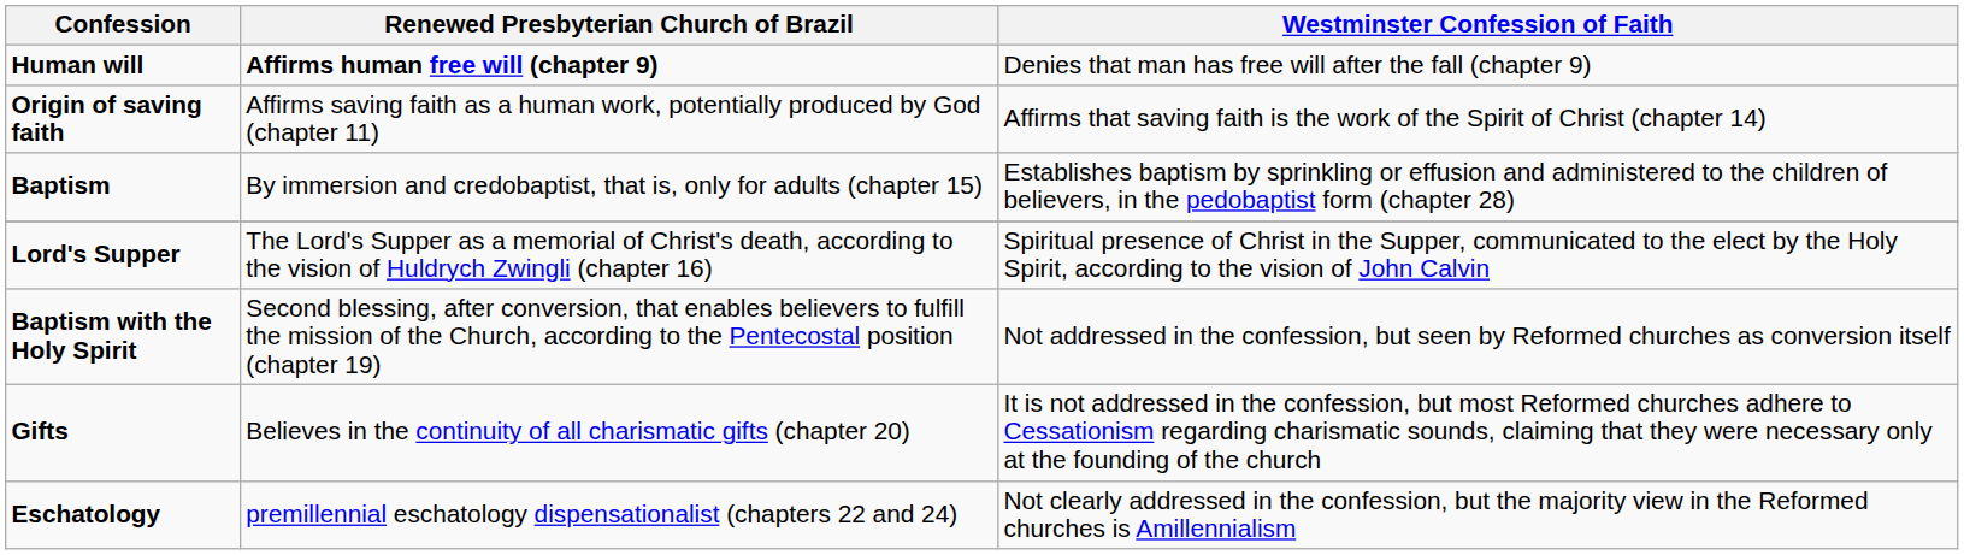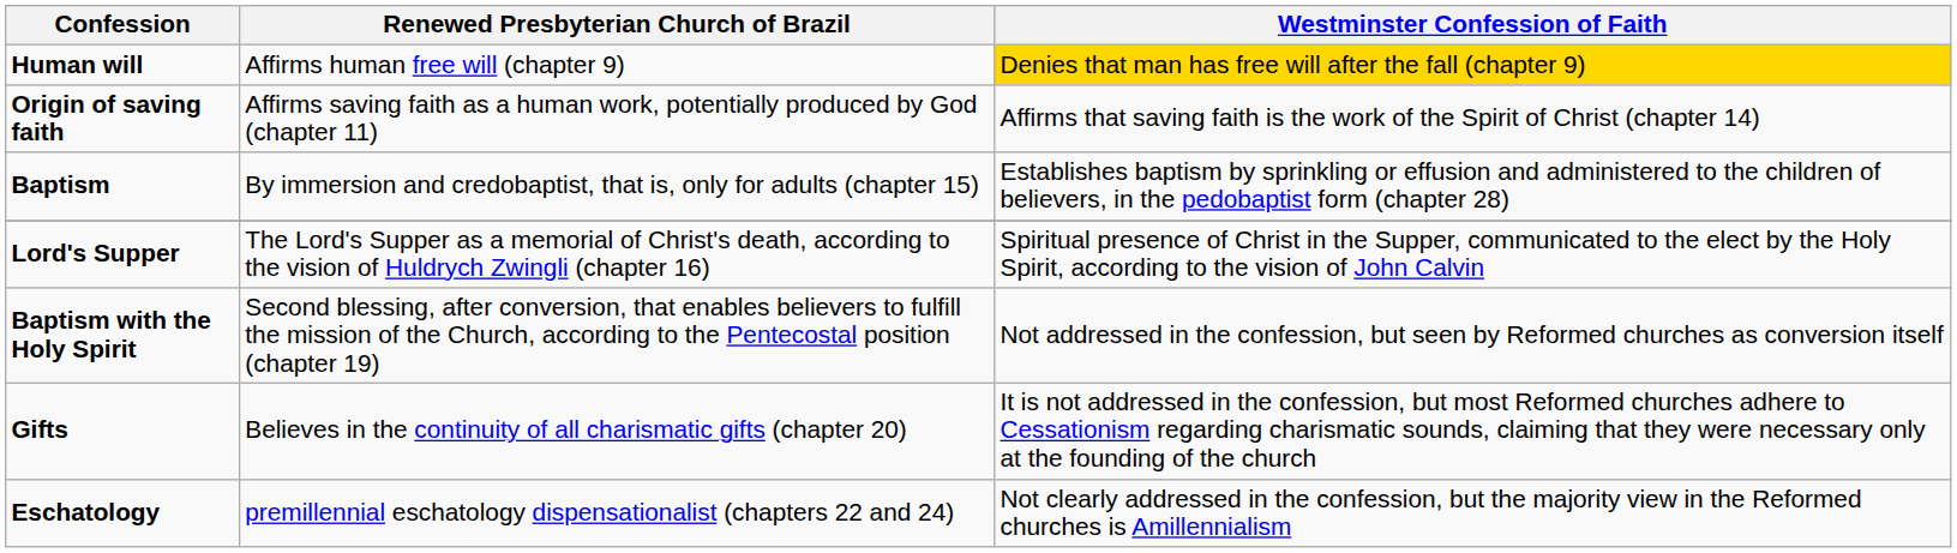 <table class="wikitable">
 <tr>
 <th><strong>Confession</strong></th>
 <th>Renewed Presbyterian Church of Brazil</th>
 <th><a href='#'>Westminster Confession of Faith</a></th>
 </tr>
 <tr>
 <td><strong>Human will</strong></td>
-<td><strong>Affirms human <a href='#'>free will</a> (chapter 9)</strong></td>
-<td>Denies that man has free will after the fall (chapter 9)</td>
+<td>Affirms human <a href='#'>free will</a> (chapter 9)</td>
+<td style="background: gold;">Denies that man has free will after the fall (chapter 9)</td>
 </tr>
 <tr>
 <td><strong>Origin of saving faith</strong></td>
 <td>Affirms saving faith as a human work, potentially produced by God (chapter 11)</td>
 <td>Affirms that saving faith is the work of the Spirit of Christ (chapter 14)</td>
 </tr>
 <tr>
 <td><strong>Baptism</strong></td>
 <td>By immersion and credobaptist, that is, only for adults (chapter 15)</td>
 <td>Establishes baptism by sprinkling or effusion and administered to the children of believers, in the <a href='#'>pedobaptist</a> form (chapter 28)</td>
 </tr>
 <tr>
 </tr>
 <tr>
 <td><strong>Lord's Supper</strong></td>
 <td>The Lord's Supper as a memorial of Christ's death, according to the vision of <a href='#'>Huldrych Zwingli</a> (chapter 16)</td>
 <td>Spiritual presence of Christ in the Supper, communicated to the elect by the Holy Spirit, according to the vision of <a href='#'>John Calvin</a></td>
 </tr>
 <tr>
 <td><strong>Baptism with the Holy Spirit</strong></td>
 <td>Second blessing, after conversion, that enables believers to fulfill the mission of the Church, according to the <a href='#'>Pentecostal</a> position (chapter 19)</td>
 <td>Not addressed in the confession, but seen by Reformed churches as conversion itself</td>
 </tr>
 <tr>
 <td><strong>Gifts</strong></td>
 <td>Believes in the <a href='#'>continuity of all charismatic gifts</a> (chapter 20)</td>
 <td>It is not addressed in the confession, but most Reformed churches adhere to <a href='#'>Cessationism</a> regarding charismatic sounds, claiming that they were necessary only at the founding of the church</td>
 </tr>
 <tr>
 <td><strong>Eschatology</strong></td>
 <td><a href='#'>premillennial</a> eschatology <a href='#'>dispensationalist</a> (chapters 22 and 24)</td>
 <td>Not clearly addressed in the confession, but the majority view in the Reformed churches is <a href='#'>Amillennialism</a></td>
 </tr>
 </table>
